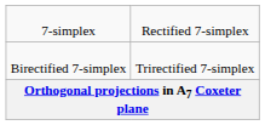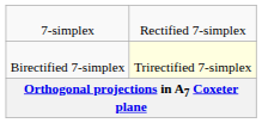 <table class=wikitable style="float:right; margin-left:8px; width:300px">
 <tr align=center valign=top>
 <td><br>7-simplex<br></td>
 <td><br>Rectified 7-simplex<br></td>
 </tr>
 <tr align=center valign=top>
 <td><br>Birectified 7-simplex<br></td>
-<td><br>Trirectified 7-simplex<br></td>
+<td style="background: lightyellow;"><br>Trirectified 7-simplex<br></td>
 </tr>
 <tr>
 <th colspan=3><a href='#'>Orthogonal projections</a> in A<sub>7</sub> <a href='#'>Coxeter plane</a></th>
 </tr>
 </table>
